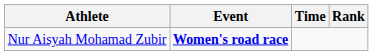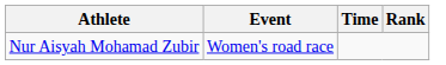 <table class=wikitable style=font-size:95%;text-align:center>
 <tr>
 <th>Athlete</th>
 <th>Event</th>
 <th>Time</th>
 <th>Rank</th>
 </tr>
 <tr align=center>
 <td align=left><a href='#'>Nur Aisyah Mohamad Zubir</a></td>
-<td align=left><strong><a href='#'>Women's road race</a></strong></td>
+<td align=left><a href='#'>Women's road race</a></td>
 <td colspan="2"></td>
 </tr>
 </table>
